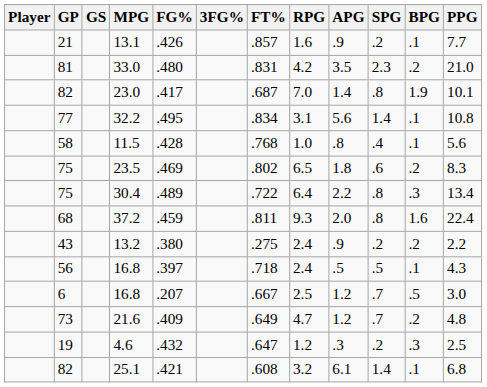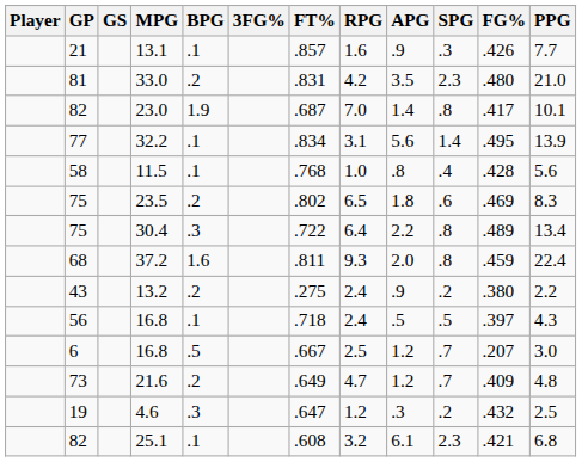 <table class="wikitable sortable" style="font-size: 90%">
 <tr>
 <th>Player</th>
 <th>GP</th>
 <th>GS</th>
 <th>MPG</th>
-<th>FG%</th>
+<th>BPG</th>
 <th>3FG%</th>
 <th>FT%</th>
 <th>RPG</th>
 <th>APG</th>
 <th>SPG</th>
-<th>BPG</th>
+<th>FG%</th>
 <th>PPG</th>
 </tr>
 <tr>
 <td></td>
 <td>21</td>
 <td></td>
 <td>13.1</td>
-<td>.426</td>
+<td>.1</td>
 <td></td>
 <td>.857</td>
 <td>1.6</td>
 <td>.9</td>
-<td>.2</td>
-<td>.1</td>
+<td>.3</td>
+<td>.426</td>
 <td>7.7</td>
 </tr>
 <tr>
 <td></td>
 <td>81</td>
 <td></td>
 <td>33.0</td>
-<td>.480</td>
+<td>.2</td>
 <td></td>
 <td>.831</td>
 <td>4.2</td>
 <td>3.5</td>
 <td>2.3</td>
-<td>.2</td>
+<td>.480</td>
 <td>21.0</td>
 </tr>
 <tr>
 <td></td>
 <td>82</td>
 <td></td>
 <td>23.0</td>
-<td>.417</td>
+<td>1.9</td>
 <td></td>
 <td>.687</td>
 <td>7.0</td>
 <td>1.4</td>
 <td>.8</td>
-<td>1.9</td>
+<td>.417</td>
 <td>10.1</td>
 </tr>
 <tr>
 <td></td>
 <td>77</td>
 <td></td>
 <td>32.2</td>
-<td>.495</td>
+<td>.1</td>
 <td></td>
 <td>.834</td>
 <td>3.1</td>
 <td>5.6</td>
 <td>1.4</td>
-<td>.1</td>
-<td>10.8</td>
+<td>.495</td>
+<td>13.9</td>
 </tr>
 <tr>
 <td></td>
 <td>58</td>
 <td></td>
 <td>11.5</td>
-<td>.428</td>
+<td>.1</td>
 <td></td>
 <td>.768</td>
 <td>1.0</td>
 <td>.8</td>
 <td>.4</td>
-<td>.1</td>
+<td>.428</td>
 <td>5.6</td>
 </tr>
 <tr>
 <td></td>
 <td>75</td>
 <td></td>
 <td>23.5</td>
-<td>.469</td>
+<td>.2</td>
 <td></td>
 <td>.802</td>
 <td>6.5</td>
 <td>1.8</td>
 <td>.6</td>
-<td>.2</td>
+<td>.469</td>
 <td>8.3</td>
 </tr>
 <tr>
 <td></td>
 <td>75</td>
 <td></td>
 <td>30.4</td>
-<td>.489</td>
+<td>.3</td>
 <td></td>
 <td>.722</td>
 <td>6.4</td>
 <td>2.2</td>
 <td>.8</td>
-<td>.3</td>
+<td>.489</td>
 <td>13.4</td>
 </tr>
 <tr>
 <td></td>
 <td>68</td>
 <td></td>
 <td>37.2</td>
-<td>.459</td>
+<td>1.6</td>
 <td></td>
 <td>.811</td>
 <td>9.3</td>
 <td>2.0</td>
 <td>.8</td>
-<td>1.6</td>
+<td>.459</td>
 <td>22.4</td>
 </tr>
 <tr>
 <td></td>
 <td>43</td>
 <td></td>
 <td>13.2</td>
-<td>.380</td>
+<td>.2</td>
 <td></td>
 <td>.275</td>
 <td>2.4</td>
 <td>.9</td>
 <td>.2</td>
-<td>.2</td>
+<td>.380</td>
 <td>2.2</td>
 </tr>
 <tr>
 <td></td>
 <td>56</td>
 <td></td>
 <td>16.8</td>
-<td>.397</td>
+<td>.1</td>
 <td></td>
 <td>.718</td>
 <td>2.4</td>
 <td>.5</td>
 <td>.5</td>
-<td>.1</td>
+<td>.397</td>
 <td>4.3</td>
 </tr>
 <tr>
 <td></td>
 <td>6</td>
 <td></td>
 <td>16.8</td>
-<td>.207</td>
+<td>.5</td>
 <td></td>
 <td>.667</td>
 <td>2.5</td>
 <td>1.2</td>
 <td>.7</td>
-<td>.5</td>
+<td>.207</td>
 <td>3.0</td>
 </tr>
 <tr>
 <td></td>
 <td>73</td>
 <td></td>
 <td>21.6</td>
-<td>.409</td>
+<td>.2</td>
 <td></td>
 <td>.649</td>
 <td>4.7</td>
 <td>1.2</td>
 <td>.7</td>
-<td>.2</td>
+<td>.409</td>
 <td>4.8</td>
 </tr>
 <tr>
 <td></td>
 <td>19</td>
 <td></td>
 <td>4.6</td>
-<td>.432</td>
+<td>.3</td>
 <td></td>
 <td>.647</td>
 <td>1.2</td>
 <td>.3</td>
 <td>.2</td>
-<td>.3</td>
+<td>.432</td>
 <td>2.5</td>
 </tr>
 <tr>
 <td></td>
 <td>82</td>
 <td></td>
 <td>25.1</td>
-<td>.421</td>
+<td>.1</td>
 <td></td>
 <td>.608</td>
 <td>3.2</td>
 <td>6.1</td>
-<td>1.4</td>
-<td>.1</td>
+<td>2.3</td>
+<td>.421</td>
 <td>6.8</td>
 </tr>
 </table>
